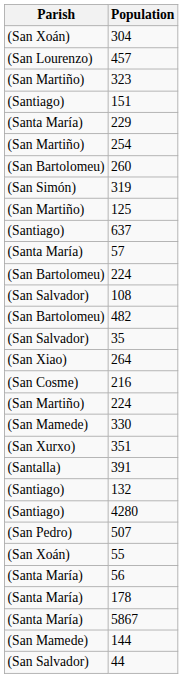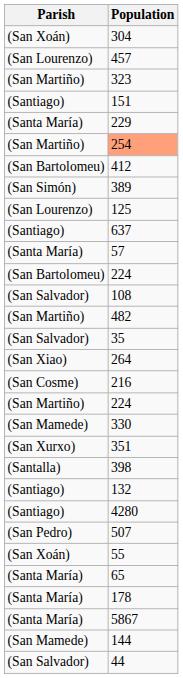 <table class="wikitable sortable">
 <tr>
 <th>Parish </th>
 <th>Population</th>
 </tr>
 <tr>
 <td> (San Xoán)</td>
 <td>304</td>
 </tr>
 <tr>
 <td> (San Lourenzo)</td>
 <td>457</td>
 </tr>
 <tr>
 <td> (San Martiño)</td>
 <td>323</td>
 </tr>
 <tr>
 <td> (Santiago)</td>
 <td>151</td>
 </tr>
 <tr>
 <td> (Santa María)</td>
 <td>229</td>
 </tr>
 <tr>
 <td> (San Martiño)</td>
-<td>254</td>
+<td style="background: lightsalmon;">254</td>
 </tr>
 <tr>
 <td> (San Bartolomeu)</td>
-<td>260</td>
+<td>412</td>
 </tr>
 <tr>
 <td> (San Simón)</td>
-<td>319</td>
+<td>389</td>
 </tr>
 <tr>
-<td> (San Martiño)</td>
+<td> (San Lourenzo)</td>
 <td>125</td>
 </tr>
 <tr>
 <td> (Santiago)</td>
 <td>637</td>
 </tr>
 <tr>
 <td> (Santa María)</td>
 <td>57</td>
 </tr>
 <tr>
 <td> (San Bartolomeu)</td>
 <td>224</td>
 </tr>
 <tr>
 <td> (San Salvador)</td>
 <td>108</td>
 </tr>
 <tr>
-<td> (San Bartolomeu)</td>
+<td> (San Martiño)</td>
 <td>482</td>
 </tr>
 <tr>
 <td> (San Salvador)</td>
 <td>35</td>
 </tr>
 <tr>
 <td> (San Xiao)</td>
 <td>264</td>
 </tr>
 <tr>
 <td> (San Cosme)</td>
 <td>216</td>
 </tr>
 <tr>
 <td> (San Martiño)</td>
 <td>224</td>
 </tr>
 <tr>
 <td> (San Mamede)</td>
 <td>330</td>
 </tr>
 <tr>
 <td> (San Xurxo)</td>
 <td>351</td>
 </tr>
 <tr>
 <td> (Santalla)</td>
-<td>391</td>
+<td>398</td>
 </tr>
 <tr>
 <td> (Santiago)</td>
 <td>132</td>
 </tr>
 <tr>
 <td> (Santiago)</td>
 <td>4280</td>
 </tr>
 <tr>
 <td> (San Pedro)</td>
 <td>507</td>
 </tr>
 <tr>
 <td> (San Xoán)</td>
 <td>55</td>
 </tr>
 <tr>
 <td> (Santa María)</td>
-<td>56</td>
+<td>65</td>
 </tr>
 <tr>
 <td> (Santa María)</td>
 <td>178</td>
 </tr>
 <tr>
 <td> (Santa María)</td>
 <td>5867</td>
 </tr>
 <tr>
 <td> (San Mamede)</td>
 <td>144</td>
 </tr>
 <tr>
 <td> (San Salvador)</td>
 <td>44</td>
 </tr>
 </table>
